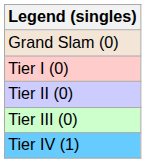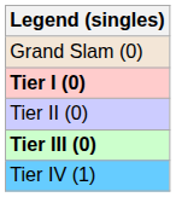 <table class="wikitable sortable mw-collapsible mw-collapsed">
 <tr>
 <th>Legend (singles)</th>
 </tr>
 <tr style="background:#f3e6d7;">
 <td>Grand Slam (0)</td>
 </tr>
 <tr style="background:#ffcccc;">
-<td>Tier I (0)</td>
+<td><strong>Tier I (0)</strong></td>
 </tr>
 <tr style="background:#ccccff;">
 <td>Tier II (0)</td>
 </tr>
 <tr style="background:#ccffcc;">
-<td>Tier III (0)</td>
+<td><strong>Tier III (0)</strong></td>
 </tr>
 <tr style="background:#66ccff;">
 <td>Tier IV (1)</td>
 </tr>
 </table>
